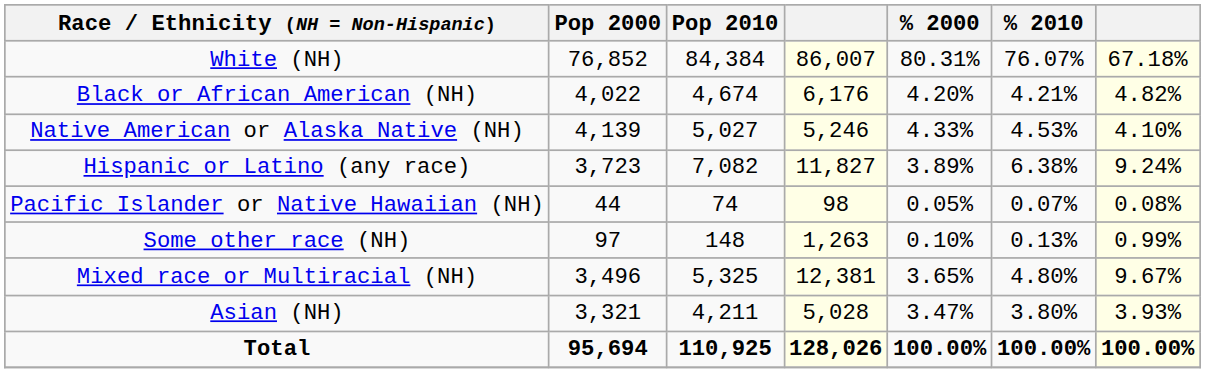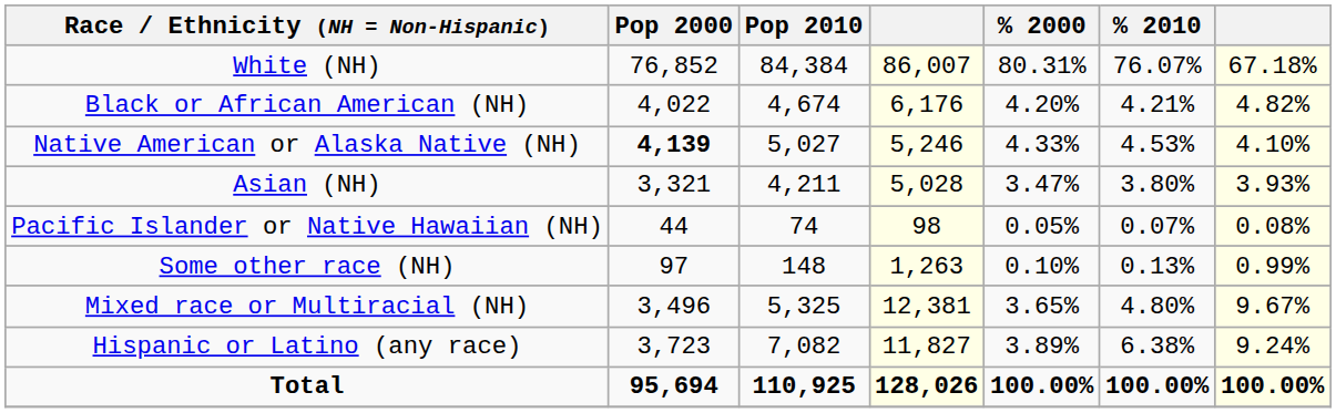 <table class="wikitable" style="text-align:center;">
 <tr>
 <th>Race / Ethnicity <small>(<em>NH = Non-Hispanic</em>)</small></th>
 <th>Pop 2000</th>
 <th>Pop 2010</th>
 <th></th>
 <th>% 2000</th>
 <th>% 2010</th>
 <th></th>
 </tr>
 <tr>
 <td><a href='#'>White</a> (NH)</td>
 <td>76,852</td>
 <td>84,384</td>
 <td style='background: #ffffe6;'>86,007</td>
 <td>80.31%</td>
 <td>76.07%</td>
 <td style='background: #ffffe6;'>67.18%</td>
 </tr>
 <tr>
 <td><a href='#'>Black or African American</a> (NH)</td>
 <td>4,022</td>
 <td>4,674</td>
 <td style='background: #ffffe6;'>6,176</td>
 <td>4.20%</td>
 <td>4.21%</td>
 <td style='background: #ffffe6;'>4.82%</td>
 </tr>
 <tr>
 <td><a href='#'>Native American</a> or <a href='#'>Alaska Native</a> (NH)</td>
-<td>4,139</td>
+<td><strong>4,139</strong></td>
 <td>5,027</td>
 <td style='background: #ffffe6;'>5,246</td>
 <td>4.33%</td>
 <td>4.53%</td>
 <td style='background: #ffffe6;'>4.10%</td>
 </tr>
 <tr>
-<td><a href='#'>Hispanic or Latino</a> (any race)</td>
-<td>3,723</td>
-<td>7,082</td>
-<td style='background: #ffffe6;'>11,827</td>
-<td>3.89%</td>
-<td>6.38%</td>
-<td style='background: #ffffe6;'>9.24%</td>
+<td><a href='#'>Asian</a> (NH)</td>
+<td>3,321</td>
+<td>4,211</td>
+<td style='background: #ffffe6;'>5,028</td>
+<td>3.47%</td>
+<td>3.80%</td>
+<td style='background: #ffffe6;'>3.93%</td>
 </tr>
 <tr>
 <td><a href='#'>Pacific Islander</a> or <a href='#'>Native Hawaiian</a> (NH)</td>
 <td>44</td>
 <td>74</td>
 <td style='background: #ffffe6;'>98</td>
 <td>0.05%</td>
 <td>0.07%</td>
 <td style='background: #ffffe6;'>0.08%</td>
 </tr>
 <tr>
 <td><a href='#'>Some other race</a> (NH)</td>
 <td>97</td>
 <td>148</td>
 <td style='background: #ffffe6;'>1,263</td>
 <td>0.10%</td>
 <td>0.13%</td>
 <td style='background: #ffffe6;'>0.99%</td>
 </tr>
 <tr>
 <td><a href='#'>Mixed race or Multiracial</a> (NH)</td>
 <td>3,496</td>
 <td>5,325</td>
 <td style='background: #ffffe6;'>12,381</td>
 <td>3.65%</td>
 <td>4.80%</td>
 <td style='background: #ffffe6;'>9.67%</td>
 </tr>
 <tr>
-<td><a href='#'>Asian</a> (NH)</td>
-<td>3,321</td>
-<td>4,211</td>
-<td style='background: #ffffe6;'>5,028</td>
-<td>3.47%</td>
-<td>3.80%</td>
-<td style='background: #ffffe6;'>3.93%</td>
+<td><a href='#'>Hispanic or Latino</a> (any race)</td>
+<td>3,723</td>
+<td>7,082</td>
+<td style='background: #ffffe6;'>11,827</td>
+<td>3.89%</td>
+<td>6.38%</td>
+<td style='background: #ffffe6;'>9.24%</td>
 </tr>
 <tr>
 <td><strong>Total</strong></td>
 <td><strong>95,694</strong></td>
 <td><strong>110,925</strong></td>
 <td style='background: #ffffe6;'><strong>128,026</strong></td>
 <td><strong>100.00%</strong></td>
 <td><strong>100.00%</strong></td>
 <td style='background: #ffffe6;'><strong>100.00%</strong></td>
 </tr>
 <tr>
 </tr>
 </table>
